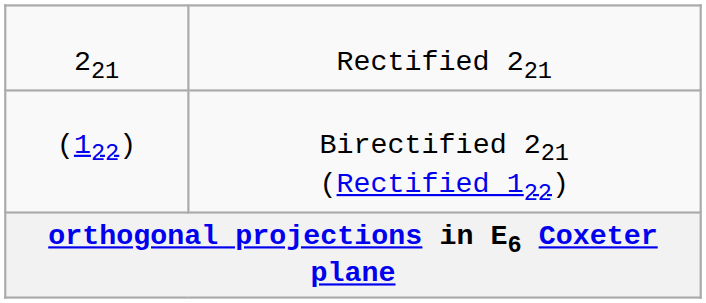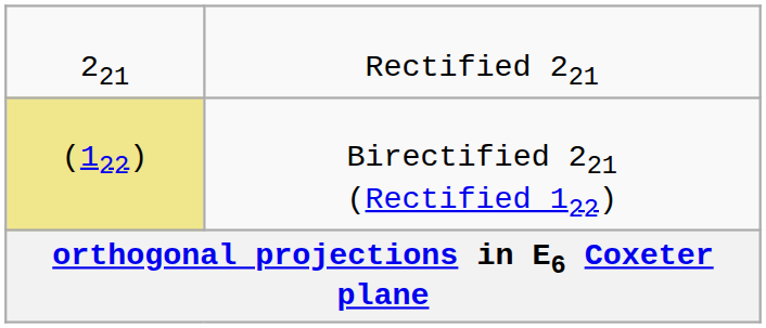 <table class=wikitable width=320 align=right style="margin-left:1em">
 <tr align=center valign=top>
 <td><br>2<sub>21</sub><br></td>
 <td><br>Rectified 2<sub>21</sub><br></td>
 </tr>
 <tr align=center valign=top>
-<td><br>(<a href='#'>1<sub>22</sub></a>)<br></td>
+<td style="background: khaki;"><br>(<a href='#'>1<sub>22</sub></a>)<br></td>
 <td><br>Birectified 2<sub>21</sub><br>(<a href='#'>Rectified 1<sub>22</sub></a>)<br></td>
 </tr>
 <tr valign=top>
 <th colspan=3><a href='#'>orthogonal projections</a> in E<sub>6</sub> <a href='#'>Coxeter plane</a></th>
 </tr>
 </table>
